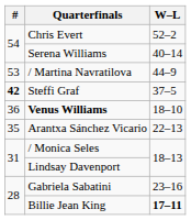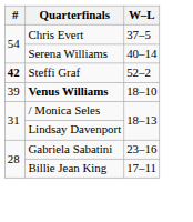 <table class="wikitable" style="display:inline-table;">
 <tr>
 <th width=20>#</th>
 <th>Quarterfinals</th>
 <th>W–L</th>
 </tr>
 <tr>
 <td rowspan=2>54</td>
 <td> Chris Evert</td>
-<td>52–2</td>
+<td>37–5</td>
 </tr>
 <tr>
 <td> Serena Williams</td>
 <td>40–14</td>
 </tr>
 <tr>
-<td>53</td>
-<td>/ Martina Navratilova</td>
-<td>44–9</td>
+<td><strong>42</strong></td>
+<td> Steffi Graf</td>
+<td>52–2</td>
 </tr>
 <tr>
-<td><strong>42</strong></td>
-<td> Steffi Graf</td>
-<td>37–5</td>
-</tr>
-<tr>
-<td>36</td>
+<td>39</td>
 <td> <strong>Venus Williams</strong></td>
 <td>18–10</td>
-</tr>
-<tr>
-<td>35</td>
-<td> Arantxa Sánchez Vicario</td>
-<td>22–13</td>
 </tr>
 <tr>
 <td rowspan=2>31</td>
 <td>/ Monica Seles</td>
 <td rowspan=2>18–13</td>
 </tr>
 <tr>
 <td> Lindsay Davenport</td>
 </tr>
 <tr>
 <td rowspan=2>28</td>
 <td> Gabriela Sabatini</td>
 <td>23–16</td>
 </tr>
 <tr>
 <td> Billie Jean King</td>
-<td><strong>17–11</strong></td>
+<td>17–11</td>
 </tr>
 </table>
